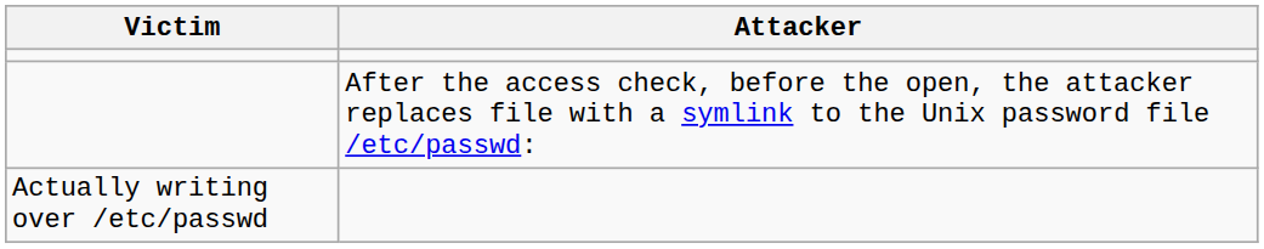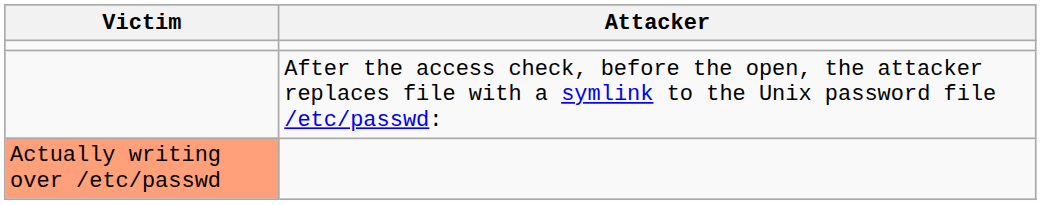 <table class="wikitable">
 <tr>
 <th>Victim</th>
 <th>Attacker</th>
 </tr>
 <tr>
 <td></td>
 <td></td>
 </tr>
 <tr>
 <td></td>
 <td>After the access check, before the open, the attacker replaces <code>file</code> with a <a href='#'>symlink</a> to the Unix password file <code><a href='#'>/etc/passwd</a></code>:</td>
 </tr>
 <tr>
-<td>Actually writing over <code>/etc/passwd</code></td>
+<td style="background: lightsalmon;">Actually writing over <code>/etc/passwd</code></td>
 <td></td>
 </tr>
 </table>
